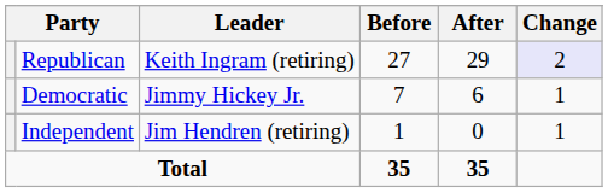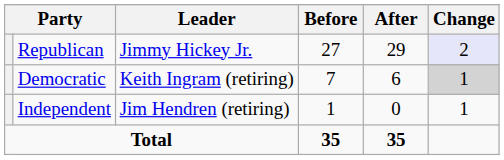 <table class="wikitable" style="text-align:center;">
 <tr>
 </tr>
 <tr>
 <th colspan=2>Party</th>
 <th>Leader</th>
 <th style="width:3em">Before</th>
 <th style="width:3em">After</th>
 <th style="width:3em">Change</th>
 </tr>
 <tr>
 <th style="background-color:"></th>
 <td style="text-align:left;"><a href='#'>Republican</a></td>
-<td style="text-align:left;"><a href='#'>Keith Ingram</a> (retiring)</td>
+<td style="text-align:left;"><a href='#'>Jimmy Hickey Jr.</a></td>
 <td>27</td>
 <td>29</td>
 <td style="background: lavender;"> 2</td>
 </tr>
 <tr>
 <th style="background-color:"></th>
 <td style="text-align:left;"><a href='#'>Democratic</a></td>
-<td style="text-align:left;"><a href='#'>Jimmy Hickey Jr.</a></td>
+<td style="text-align:left;"><a href='#'>Keith Ingram</a> (retiring)</td>
 <td>7</td>
 <td>6</td>
-<td> 1</td>
+<td style="background: lightgrey;"> 1</td>
 </tr>
 <tr>
 <th style="background-color:"></th>
 <td style="text-align:left;"><a href='#'>Independent</a></td>
 <td style="text-align:left;"><a href='#'>Jim Hendren</a> (retiring)</td>
 <td>1</td>
 <td>0</td>
 <td> 1</td>
 </tr>
 <tr>
 <td colspan=3><strong>Total</strong></td>
 <td><strong>35</strong></td>
 <td><strong>35</strong></td>
 <td></td>
 </tr>
 </table>
